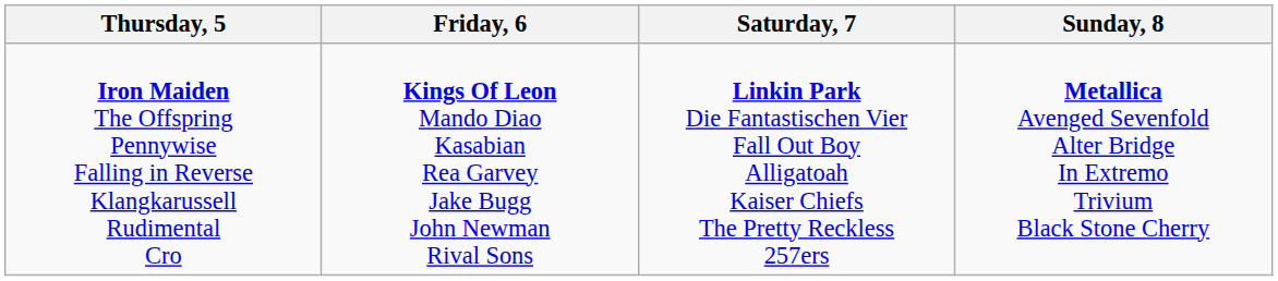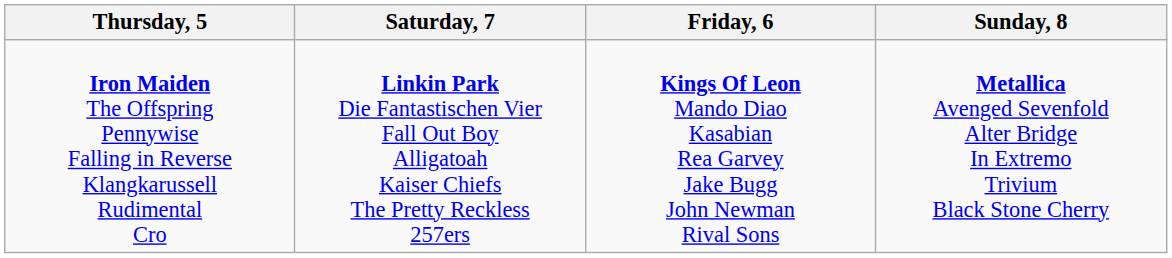 <table class="wikitable">
 <tr>
 <th>Thursday, 5</th>
+<th>Saturday, 7</th>
 <th>Friday, 6</th>
-<th>Saturday, 7</th>
 <th>Sunday, 8</th>
 </tr>
 <tr>
 <td style="text-align:center; vertical-align:top; width:200px;"><br><strong><a href='#'>Iron Maiden</a></strong><br> <a href='#'>The Offspring</a> <br> <a href='#'>Pennywise</a> <br> <a href='#'>Falling in Reverse</a> <br> <a href='#'>Klangkarussell</a> <br> <a href='#'>Rudimental</a> <br> <a href='#'>Cro</a> <br></td>
+<td style="text-align:center; vertical-align:top; width:200px;"><br><strong><a href='#'>Linkin Park</a></strong><br> <a href='#'>Die Fantastischen Vier</a> <br> <a href='#'>Fall Out Boy</a> <br> <a href='#'>Alligatoah</a> <br> <a href='#'>Kaiser Chiefs</a> <br> <a href='#'>The Pretty Reckless</a> <br> <a href='#'>257ers</a> <br></td>
 <td style="text-align:center; vertical-align:top; width:200px;"><br><strong><a href='#'>Kings Of Leon</a></strong><br> <a href='#'>Mando Diao</a> <br> <a href='#'>Kasabian</a> <br> <a href='#'>Rea Garvey</a> <br> <a href='#'>Jake Bugg</a> <br> <a href='#'>John Newman</a> <br> <a href='#'>Rival Sons</a> <br></td>
-<td style="text-align:center; vertical-align:top; width:200px;"><br><strong><a href='#'>Linkin Park</a></strong><br> <a href='#'>Die Fantastischen Vier</a> <br> <a href='#'>Fall Out Boy</a> <br> <a href='#'>Alligatoah</a> <br> <a href='#'>Kaiser Chiefs</a> <br> <a href='#'>The Pretty Reckless</a> <br> <a href='#'>257ers</a> <br></td>
 <td style="text-align:center; vertical-align:top; width:200px;"><br><strong><a href='#'>Metallica</a></strong><br> <a href='#'>Avenged Sevenfold</a> <br> <a href='#'>Alter Bridge</a> <br> <a href='#'>In Extremo</a> <br> <a href='#'>Trivium</a> <br> <a href='#'>Black Stone Cherry</a> <br></td>
 </tr>
 </table>
